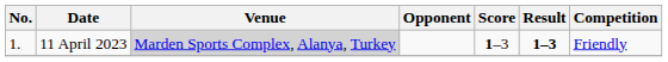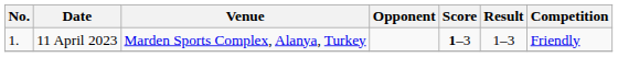 <table class="wikitable">
 <tr>
 <th>No.</th>
 <th>Date</th>
 <th>Venue</th>
 <th>Opponent</th>
 <th>Score</th>
 <th>Result</th>
 <th>Competition</th>
 </tr>
 <tr>
 <td>1.</td>
 <td>11 April 2023</td>
-<td style="background: lightgrey;"><a href='#'>Marden Sports Complex</a>, <a href='#'>Alanya</a>, <a href='#'>Turkey</a></td>
+<td><a href='#'>Marden Sports Complex</a>, <a href='#'>Alanya</a>, <a href='#'>Turkey</a></td>
 <td></td>
 <td align=center><strong>1</strong>–3</td>
-<td align=center><strong>1–3</strong></td>
+<td align=center>1–3</td>
 <td><a href='#'>Friendly</a></td>
 </tr>
 <tr>
 </tr>
 </table>
